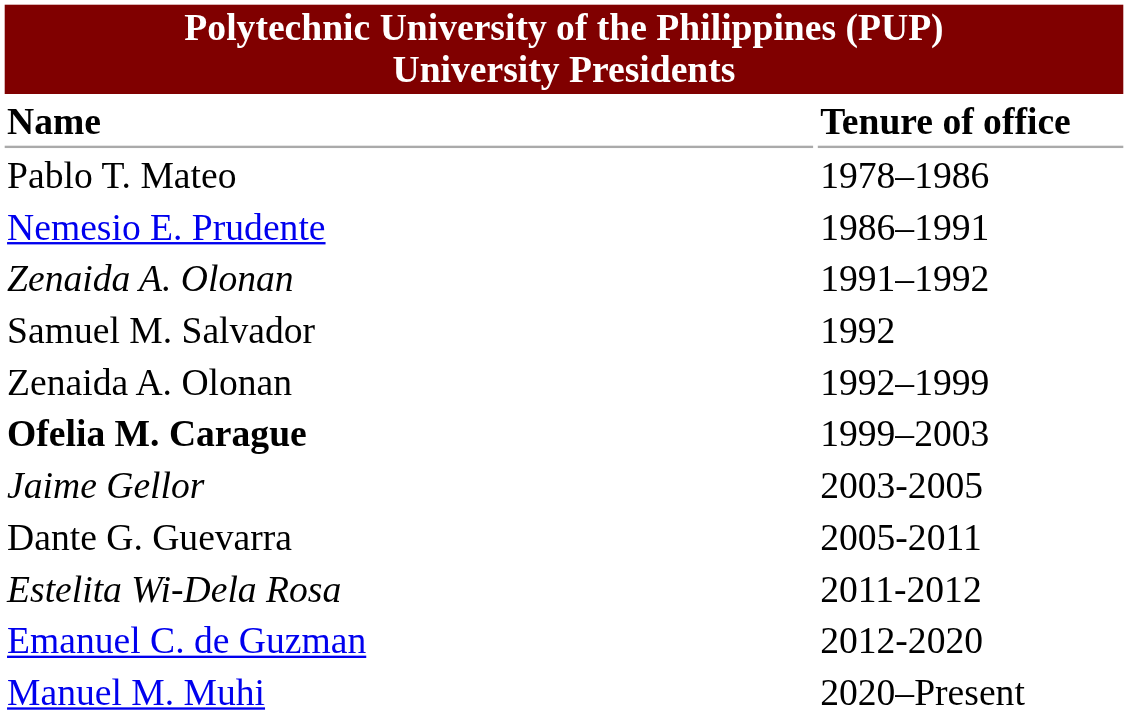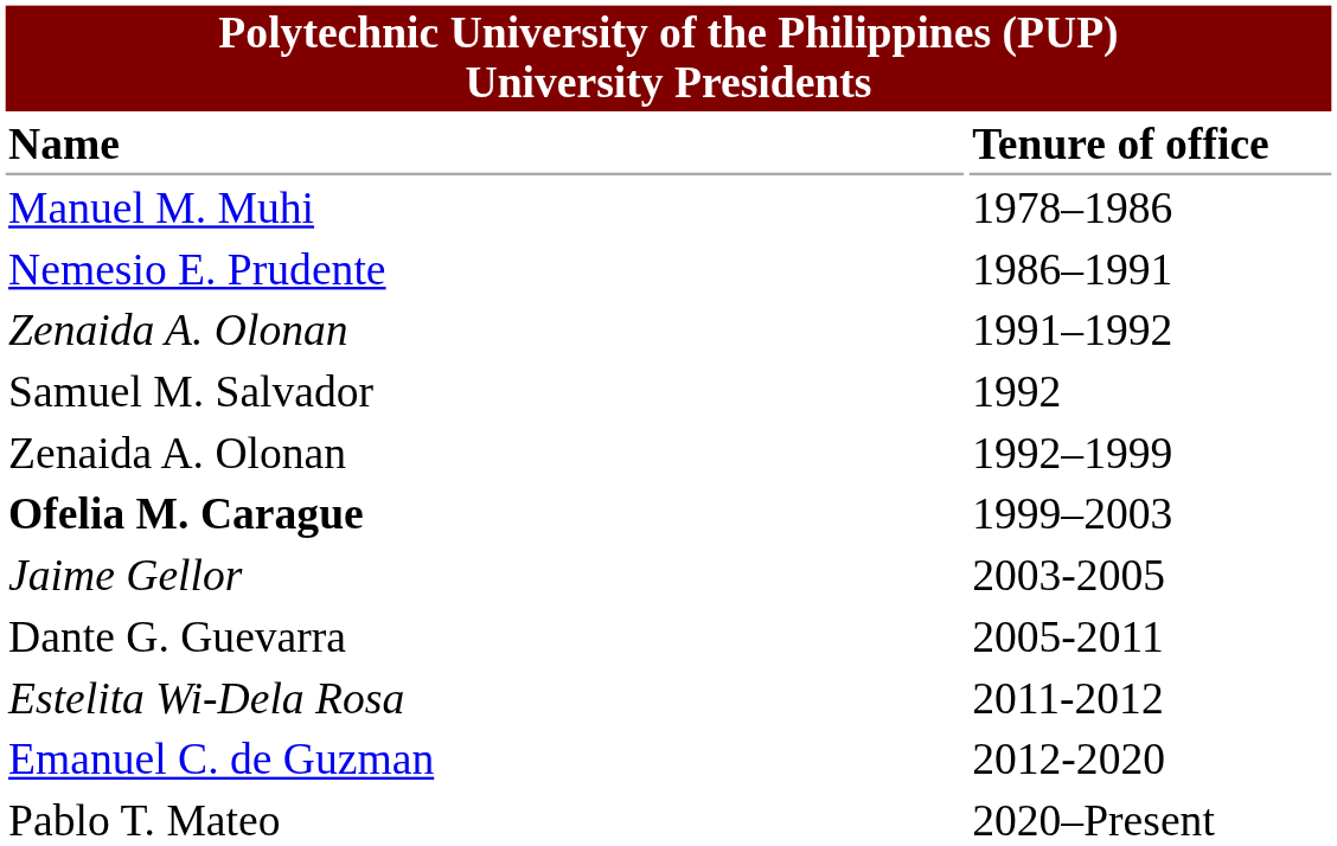 <table class="toccolours" style="width:30em">
 <tr>
 <th colspan="2" style="text-align: center;background-color:#800000; color:#FFF;">Polytechnic University of the Philippines (PUP)<br>University Presidents</th>
 </tr>
 <tr style="white-space:nowrap;">
 <th scope="col" style="text-align:left; border-bottom:#aaa 1px solid">Name</th>
 <th scope="col" style="text-align:left; border-bottom:#aaa 1px solid; width:8em;">Tenure of office</th>
 </tr>
 <tr>
-<td>Pablo T. Mateo</td>
+<td><a href='#'>Manuel M. Muhi</a></td>
 <td>1978–1986</td>
 </tr>
 <tr>
 <td><a href='#'>Nemesio E. Prudente</a></td>
 <td>1986–1991</td>
 </tr>
 <tr>
 <td><em>Zenaida A. Olonan</em></td>
 <td>1991–1992</td>
 </tr>
 <tr>
 <td>Samuel M. Salvador</td>
 <td>1992</td>
 </tr>
 <tr>
 <td>Zenaida A. Olonan</td>
 <td>1992–1999</td>
 </tr>
 <tr>
 <td><strong>Ofelia M. Carague</strong></td>
 <td>1999–2003</td>
 </tr>
 <tr>
 <td><em>Jaime Gellor</em></td>
 <td>2003-2005</td>
 </tr>
 <tr>
 <td>Dante G. Guevarra</td>
 <td>2005-2011</td>
 </tr>
 <tr>
 <td><em>Estelita Wi-Dela Rosa</em></td>
 <td>2011-2012</td>
 </tr>
 <tr>
 <td><a href='#'>Emanuel C. de Guzman</a></td>
 <td>2012-2020</td>
 </tr>
 <tr>
-<td><a href='#'>Manuel M. Muhi</a></td>
+<td>Pablo T. Mateo</td>
 <td>2020–Present</td>
 </tr>
 </table>
